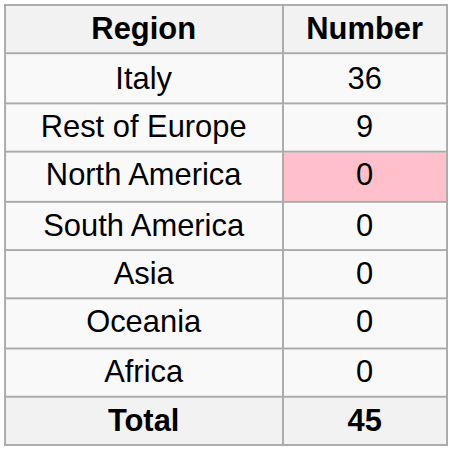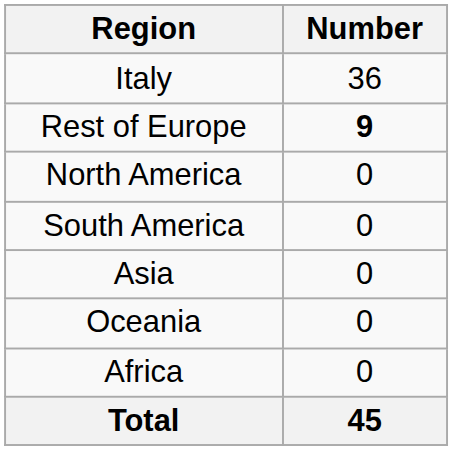 <table class="wikitable sortable" style="width:230px; float:center; margin:auto;">
 <tr>
 <th scope="col">Region</th>
 <th scope="col">Number</th>
 </tr>
 <tr>
 <td style="text-align:center" scope="row">Italy</td>
 <td style="text-align:center">36</td>
 </tr>
 <tr>
 <td style="text-align:center" scope="row" data-sort-value="Europe, Rest of">Rest of Europe</td>
-<td style="text-align:center">9</td>
+<td style="text-align:center"><strong>9</strong></td>
 </tr>
 <tr>
 <td style="text-align:center" scope="row" data-sort-value="America, North">North America</td>
-<td style="background: pink; text-align:center">0</td>
+<td style="text-align:center">0</td>
 </tr>
 <tr>
 <td style="text-align:center" scope="row" data-sort-value="America, South">South America</td>
 <td style="text-align:center">0</td>
 </tr>
 <tr>
 <td style="text-align:center" scope="row">Asia</td>
 <td style="text-align:center">0</td>
 </tr>
 <tr>
 <td style="text-align:center" scope="row">Oceania</td>
 <td style="text-align:center">0</td>
 </tr>
 <tr>
 <td style="text-align:center" scope="row">Africa</td>
 <td style="text-align:center">0</td>
 </tr>
 <tr>
 <th scope="row">Total</th>
 <th>45</th>
 </tr>
 </table>
